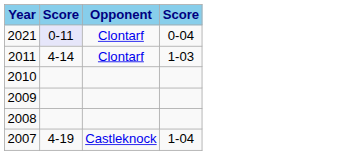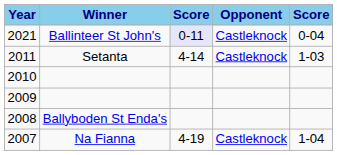 <table class="wikitable" style="text-align:center;">
 <tr>
 <th style="background:skyblue;color:navy;">Year</th>
+<th style="background:skyblue;color:navy;">Winner</th>
 <th style="background:skyblue;color:navy;">Score</th>
 <th style="background:skyblue;color:navy;">Opponent</th>
 <th style="background:skyblue;color:navy;">Score</th>
 </tr>
 <tr>
 <td>2021</td>
+<td><a href='#'>Ballinteer St John's</a></td>
 <td style="background: lavender;">0-11</td>
-<td><a href='#'>Clontarf</a></td>
+<td><a href='#'>Castleknock</a></td>
 <td>0-04</td>
 </tr>
 <tr>
 <td>2011</td>
+<td>Setanta</td>
 <td>4-14</td>
-<td><a href='#'>Clontarf</a></td>
+<td><a href='#'>Castleknock</a></td>
 <td>1-03</td>
 </tr>
 <tr>
 <td>2010</td>
+<td></td>
 <td></td>
 <td></td>
 <td></td>
 </tr>
 <tr>
 <td>2009</td>
 <td></td>
 <td></td>
 <td></td>
+<td></td>
 </tr>
 <tr>
 <td>2008</td>
+<td><a href='#'>Ballyboden St Enda's</a></td>
 <td></td>
 <td></td>
 <td></td>
 </tr>
 <tr>
 <td>2007</td>
+<td><a href='#'>Na Fianna</a></td>
 <td>4-19</td>
 <td><a href='#'>Castleknock</a></td>
 <td>1-04</td>
 </tr>
 </table>
